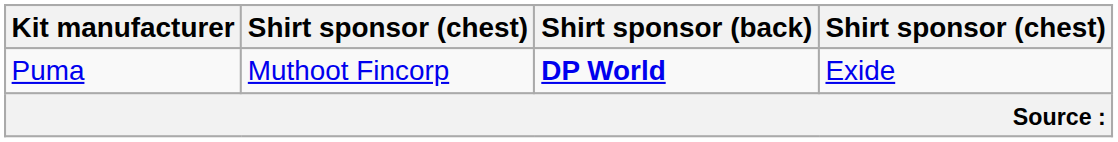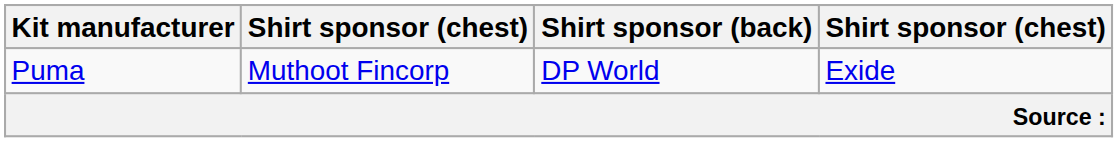 <table class="wikitable"  style="font-size:85%;">
 <tr>
 <th>Kit manufacturer</th>
 <th>Shirt sponsor (chest)</th>
 <th>Shirt sponsor (back)</th>
 <th>Shirt sponsor (chest)</th>
 </tr>
 <tr>
 <td><a href='#'>Puma</a></td>
 <td><a href='#'>Muthoot Fincorp</a></td>
-<td><strong><a href='#'>DP World</a></strong></td>
+<td><a href='#'>DP World</a></td>
 <td><a href='#'>Exide</a></td>
 </tr>
 <tr>
 <th colspan="4" style="text-align:right;"><small> Source : </small></th>
 </tr>
 </table>
